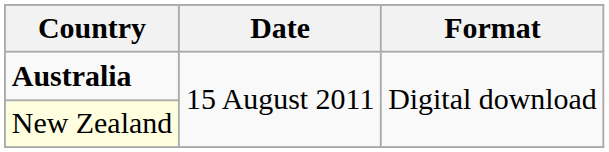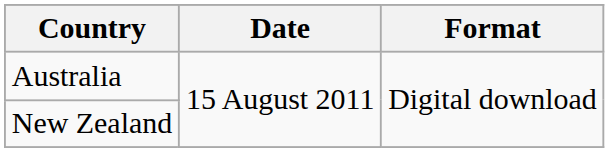 <table class="wikitable plainrowheaders">
 <tr>
 <th scope="col">Country</th>
 <th scope="col">Date</th>
 <th scope="col">Format</th>
 </tr>
 <tr>
-<td><strong>Australia</strong></td>
+<td>Australia</td>
 <td rowspan="2">15 August 2011</td>
 <td rowspan="2">Digital download</td>
 </tr>
 <tr>
-<td style="background: lightyellow;">New Zealand</td>
+<td>New Zealand</td>
 </tr>
 </table>
